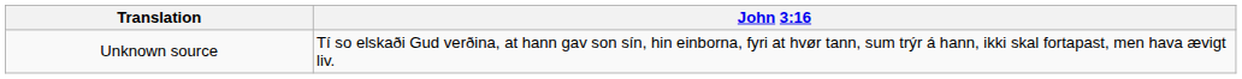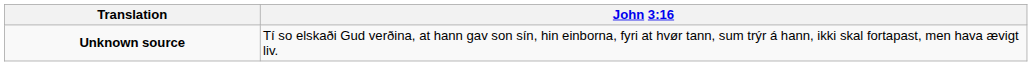 <table class="wikitable">
 <tr>
 <th style="text-align:center; width:25%;">Translation</th>
 <th><a href='#'>John</a> <a href='#'>3:16</a></th>
 </tr>
 <tr>
-<td style="text-align:center;">Unknown source </td>
+<td style="text-align:center;"><strong>Unknown source </strong></td>
 <td>Tí so elskaði Gud verðina, at hann gav son sín, hin einborna, fyri at hvør tann, sum trýr á hann, ikki skal fortapast, men hava ævigt liv.</td>
 </tr>
 </table>
